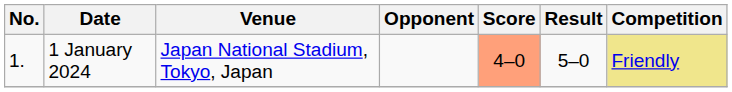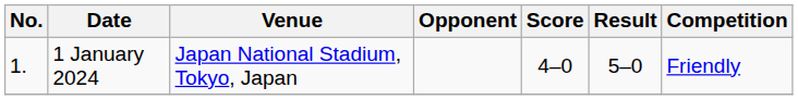 <table class="wikitable">
 <tr>
 <th>No.</th>
 <th>Date</th>
 <th>Venue</th>
 <th>Opponent</th>
 <th>Score</th>
 <th>Result</th>
 <th>Competition</th>
 </tr>
 <tr>
 <td>1.</td>
 <td>1 January 2024</td>
 <td><a href='#'>Japan National Stadium</a>, <a href='#'>Tokyo</a>, Japan</td>
 <td></td>
-<td align=center style="background: lightsalmon;">4–0</td>
+<td align=center>4–0</td>
 <td align="center">5–0</td>
-<td style="background: khaki;"><a href='#'>Friendly</a></td>
+<td><a href='#'>Friendly</a></td>
 </tr>
 <tr>
 </tr>
 </table>
